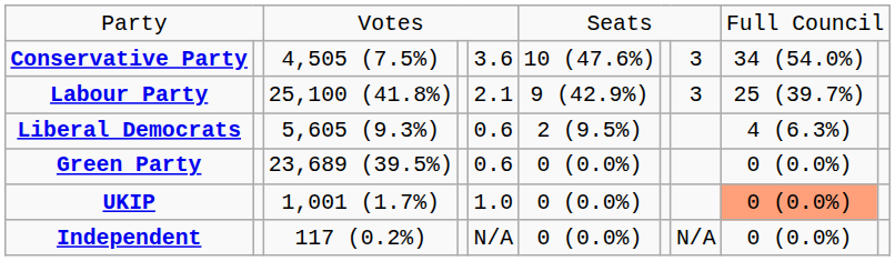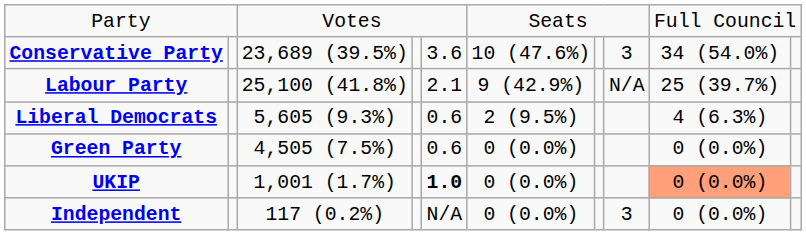 <table class=wikitable style="text-align:center;">
 <tr>
 <td colspan=2>Party</td>
 <td colspan=3>Votes</td>
 <td colspan=3>Seats</td>
 <td colspan=3>Full Council</td>
 </tr>
 <tr>
 <td><strong><a href='#'>Conservative Party</a></strong></td>
 <td style="background:"></td>
-<td>4,505 (7.5%)</td>
+<td>23,689 (39.5%)</td>
 <td></td>
 <td> 3.6</td>
 <td>10 (47.6%)</td>
 <td></td>
 <td> 3</td>
 <td>34 (54.0%)</td>
 <td></td>
 </tr>
 <tr>
 <td><strong><a href='#'>Labour Party</a></strong></td>
 <td style="background:"></td>
 <td>25,100 (41.8%)</td>
 <td></td>
 <td> 2.1</td>
 <td>9 (42.9%)</td>
 <td></td>
-<td> 3</td>
+<td>N/A</td>
 <td>25 (39.7%)</td>
 <td></td>
 </tr>
 <tr>
 <td><strong><a href='#'>Liberal Democrats</a></strong></td>
 <td style="background:"></td>
 <td>5,605 (9.3%)</td>
 <td></td>
 <td> 0.6</td>
 <td>2 (9.5%)</td>
 <td></td>
 <td></td>
 <td>4 (6.3%)</td>
 <td></td>
 </tr>
 <tr>
 <td><strong><a href='#'>Green Party</a></strong></td>
 <td style="background:"></td>
-<td>23,689 (39.5%)</td>
+<td>4,505 (7.5%)</td>
 <td></td>
 <td> 0.6</td>
 <td>0 (0.0%)</td>
 <td></td>
 <td></td>
 <td>0 (0.0%)</td>
 <td></td>
 </tr>
 <tr>
 <td><strong><a href='#'>UKIP</a></strong></td>
 <td style="background:"></td>
 <td>1,001 (1.7%)</td>
 <td></td>
-<td> 1.0</td>
+<td><strong> 1.0</strong></td>
 <td>0 (0.0%)</td>
 <td></td>
 <td></td>
 <td style="background: lightsalmon;">0 (0.0%)</td>
 <td></td>
 </tr>
 <tr>
 <td><strong><a href='#'>Independent</a></strong></td>
 <td style="background:"></td>
 <td>117 (0.2%)</td>
 <td></td>
 <td>N/A</td>
 <td>0 (0.0%)</td>
 <td></td>
-<td>N/A</td>
+<td> 3</td>
 <td>0 (0.0%)</td>
 <td></td>
 </tr>
 </table>
